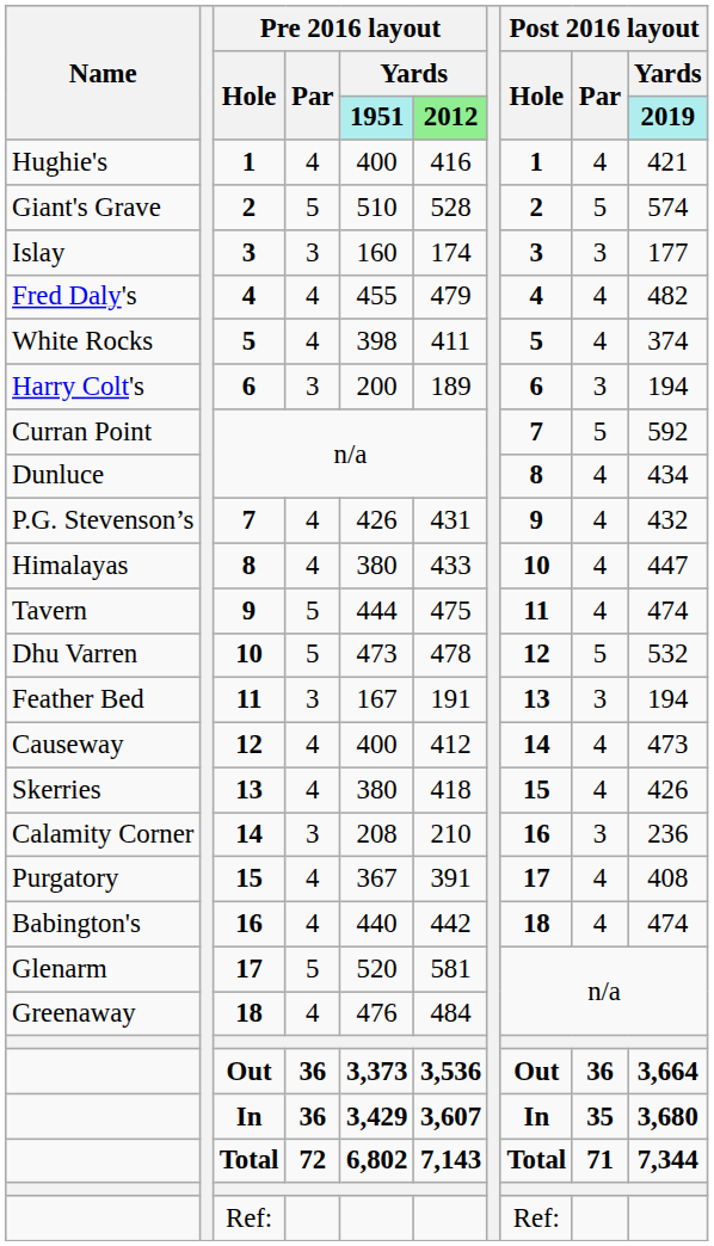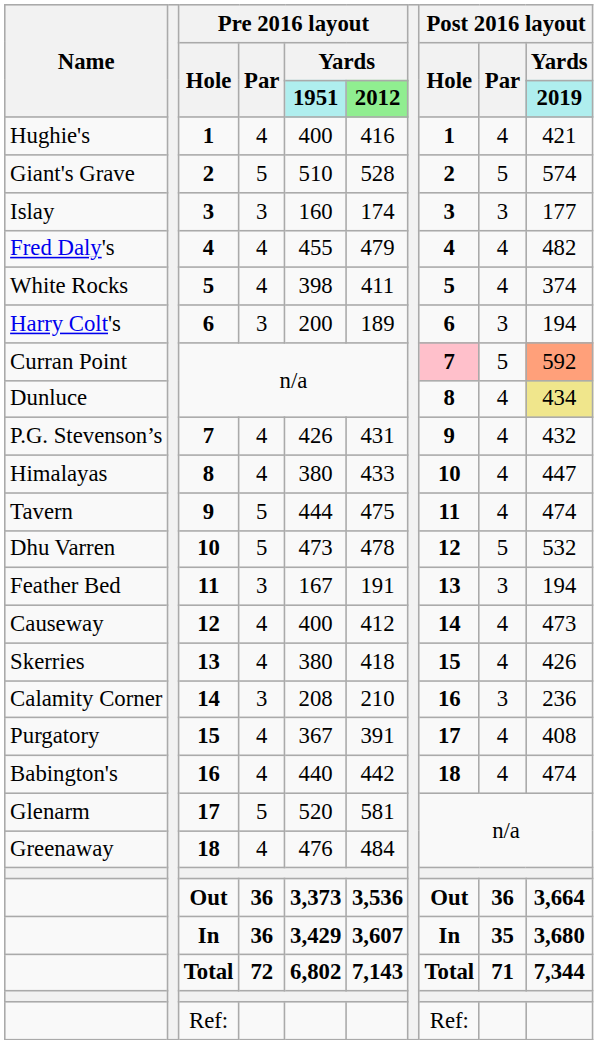 <table class="wikitable" style="font-size:90%;text-align:center">
 <tr>
 <th rowspan="3">Name</th>
 <th rowspan="29"></th>
 <th colspan="4">Pre 2016 layout</th>
 <th rowspan="29"></th>
 <th colspan="3">Post 2016 layout</th>
 </tr>
 <tr>
 <th rowspan="2">Hole</th>
 <th rowspan="2">Par</th>
 <th colspan="2">Yards</th>
 <th rowspan="2">Hole</th>
 <th rowspan="2">Par</th>
 <th>Yards</th>
 </tr>
 <tr>
 <td bgcolor="#afeeee"><strong>1951</strong></td>
 <td bgcolor="lightgreen"><strong>2012</strong></td>
 <td bgcolor="#afeeee"><strong>2019</strong></td>
 </tr>
 <tr>
 <td align="left">Hughie's</td>
 <td><strong>1</strong></td>
 <td>4</td>
 <td>400</td>
 <td>416</td>
 <td><strong>1</strong></td>
 <td>4</td>
 <td>421</td>
 </tr>
 <tr>
 <td align="left">Giant's Grave</td>
 <td><strong>2</strong></td>
 <td>5</td>
 <td>510</td>
 <td>528</td>
 <td><strong>2</strong></td>
 <td>5</td>
 <td>574</td>
 </tr>
 <tr>
 <td align="left">Islay</td>
 <td><strong>3</strong></td>
 <td>3</td>
 <td>160</td>
 <td>174</td>
 <td><strong>3</strong></td>
 <td>3</td>
 <td>177</td>
 </tr>
 <tr>
 <td align="left"><a href='#'>Fred Daly</a>'s</td>
 <td><strong>4</strong></td>
 <td>4</td>
 <td>455</td>
 <td>479</td>
 <td><strong>4</strong></td>
 <td>4</td>
 <td>482</td>
 </tr>
 <tr>
 <td align="left">White Rocks</td>
 <td><strong>5</strong></td>
 <td>4</td>
 <td>398</td>
 <td>411</td>
 <td><strong>5</strong></td>
 <td>4</td>
 <td>374</td>
 </tr>
 <tr>
 <td align="left"><a href='#'>Harry Colt</a>'s</td>
 <td><strong>6</strong></td>
 <td>3</td>
 <td>200</td>
 <td>189</td>
 <td><strong>6</strong></td>
 <td>3</td>
 <td>194</td>
 </tr>
 <tr>
 <td align="left">Curran Point</td>
 <td colspan="4" rowspan="2">n/a</td>
-<td><strong>7</strong></td>
+<td style="background: pink;"><strong>7</strong></td>
 <td>5</td>
-<td>592</td>
+<td style="background: lightsalmon;">592</td>
 </tr>
 <tr>
 <td align="left">Dunluce</td>
 <td><strong>8</strong></td>
 <td>4</td>
-<td>434</td>
+<td style="background: khaki;">434</td>
 </tr>
 <tr>
 <td align="left">P.G. Stevenson’s</td>
 <td><strong>7</strong></td>
 <td>4</td>
 <td>426</td>
 <td>431</td>
 <td><strong>9</strong></td>
 <td>4</td>
 <td>432</td>
 </tr>
 <tr>
 <td align="left">Himalayas</td>
 <td><strong>8</strong></td>
 <td>4</td>
 <td>380</td>
 <td>433</td>
 <td><strong>10</strong></td>
 <td>4</td>
 <td>447</td>
 </tr>
 <tr>
 <td align="left">Tavern</td>
 <td><strong>9</strong></td>
 <td>5</td>
 <td>444</td>
 <td>475</td>
 <td><strong>11</strong></td>
 <td>4</td>
 <td>474</td>
 </tr>
 <tr>
 <td align="left">Dhu Varren</td>
 <td><strong>10</strong></td>
 <td>5</td>
 <td>473</td>
 <td>478</td>
 <td><strong>12</strong></td>
 <td>5</td>
 <td>532</td>
 </tr>
 <tr>
 <td align="left">Feather Bed</td>
 <td><strong>11</strong></td>
 <td>3</td>
 <td>167</td>
 <td>191</td>
 <td><strong>13</strong></td>
 <td>3</td>
 <td>194</td>
 </tr>
 <tr>
 <td align="left">Causeway</td>
 <td><strong>12</strong></td>
 <td>4</td>
 <td>400</td>
 <td>412</td>
 <td><strong>14</strong></td>
 <td>4</td>
 <td>473</td>
 </tr>
 <tr>
 <td align="left">Skerries</td>
 <td><strong>13</strong></td>
 <td>4</td>
 <td>380</td>
 <td>418</td>
 <td><strong>15</strong></td>
 <td>4</td>
 <td>426</td>
 </tr>
 <tr>
 <td align="left">Calamity Corner</td>
 <td><strong>14</strong></td>
 <td>3</td>
 <td>208</td>
 <td>210</td>
 <td><strong>16</strong></td>
 <td>3</td>
 <td>236</td>
 </tr>
 <tr>
 <td align="left">Purgatory</td>
 <td><strong>15</strong></td>
 <td>4</td>
 <td>367</td>
 <td>391</td>
 <td><strong>17</strong></td>
 <td>4</td>
 <td>408</td>
 </tr>
 <tr>
 <td align="left">Babington's</td>
 <td><strong>16</strong></td>
 <td>4</td>
 <td>440</td>
 <td>442</td>
 <td><strong>18</strong></td>
 <td>4</td>
 <td>474</td>
 </tr>
 <tr>
 <td align="left">Glenarm</td>
 <td><strong>17</strong></td>
 <td>5</td>
 <td>520</td>
 <td>581</td>
 <td colspan="3" rowspan="2">n/a</td>
 </tr>
 <tr>
 <td align="left">Greenaway</td>
 <td><strong>18</strong></td>
 <td>4</td>
 <td>476</td>
 <td>484</td>
 </tr>
 <tr>
 <th></th>
 <th colspan="4"></th>
 <th colspan="3"></th>
 </tr>
 <tr>
 <td></td>
 <td><strong>Out</strong></td>
 <td><strong>36</strong></td>
 <td><strong>3,373</strong></td>
 <td><strong>3,536</strong></td>
 <td><strong>Out</strong></td>
 <td><strong>36</strong></td>
 <td><strong>3,664</strong></td>
 </tr>
 <tr>
 <td></td>
 <td><strong>In</strong></td>
 <td><strong>36</strong></td>
 <td><strong>3,429</strong></td>
 <td><strong>3,607</strong></td>
 <td><strong>In</strong></td>
 <td><strong>35</strong></td>
 <td><strong>3,680</strong></td>
 </tr>
 <tr>
 <td></td>
 <td><strong>Total</strong></td>
 <td><strong>72</strong></td>
 <td><strong>6,802</strong></td>
 <td><strong>7,143</strong></td>
 <td><strong>Total</strong></td>
 <td><strong>71</strong></td>
 <td><strong>7,344</strong></td>
 </tr>
 <tr>
 <th></th>
 <th colspan="4"></th>
 <th colspan="3"></th>
 </tr>
 <tr>
 <td></td>
 <td>Ref:</td>
 <td></td>
 <td></td>
 <td></td>
 <td>Ref:</td>
 <td></td>
 <td></td>
 </tr>
 </table>
